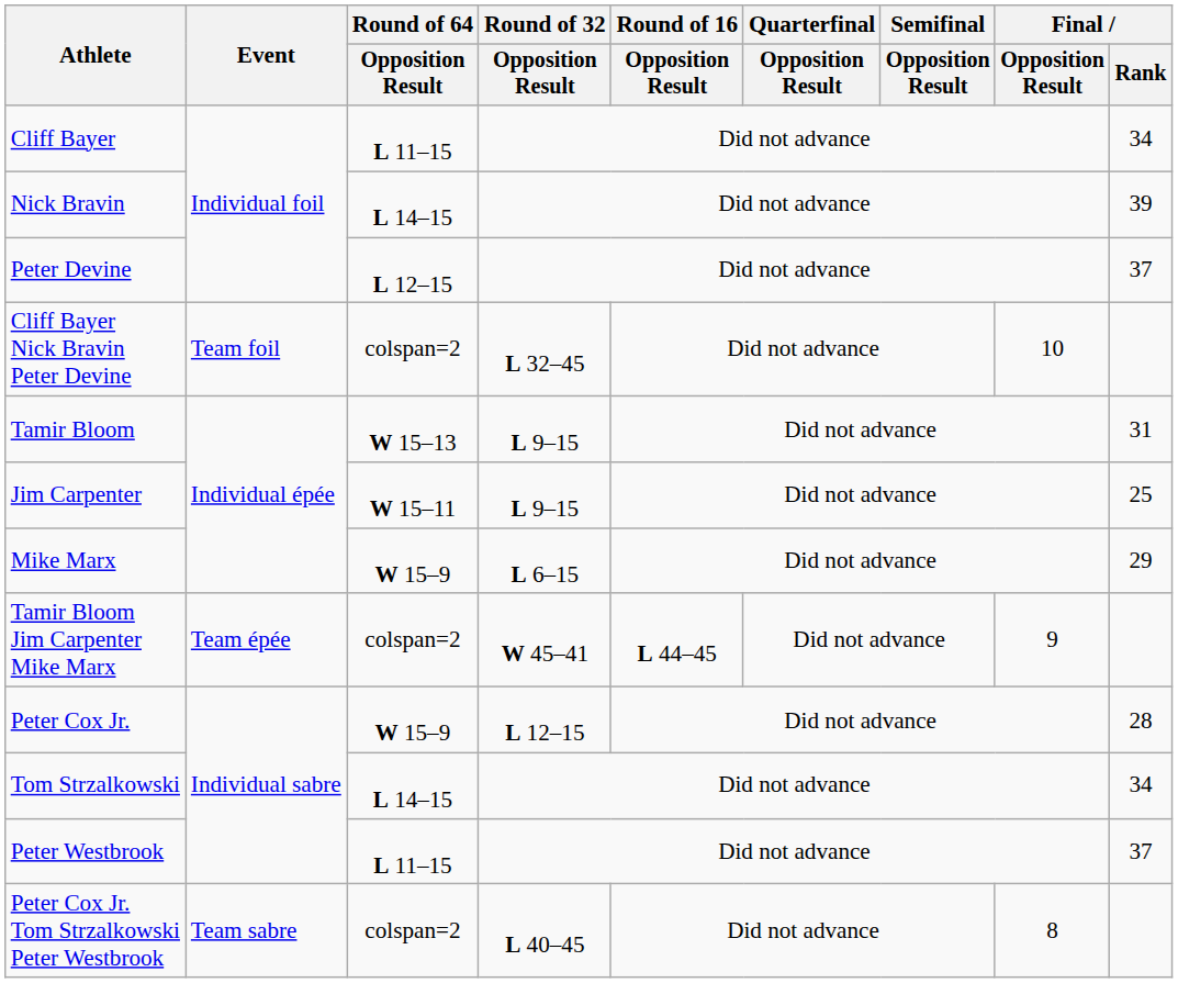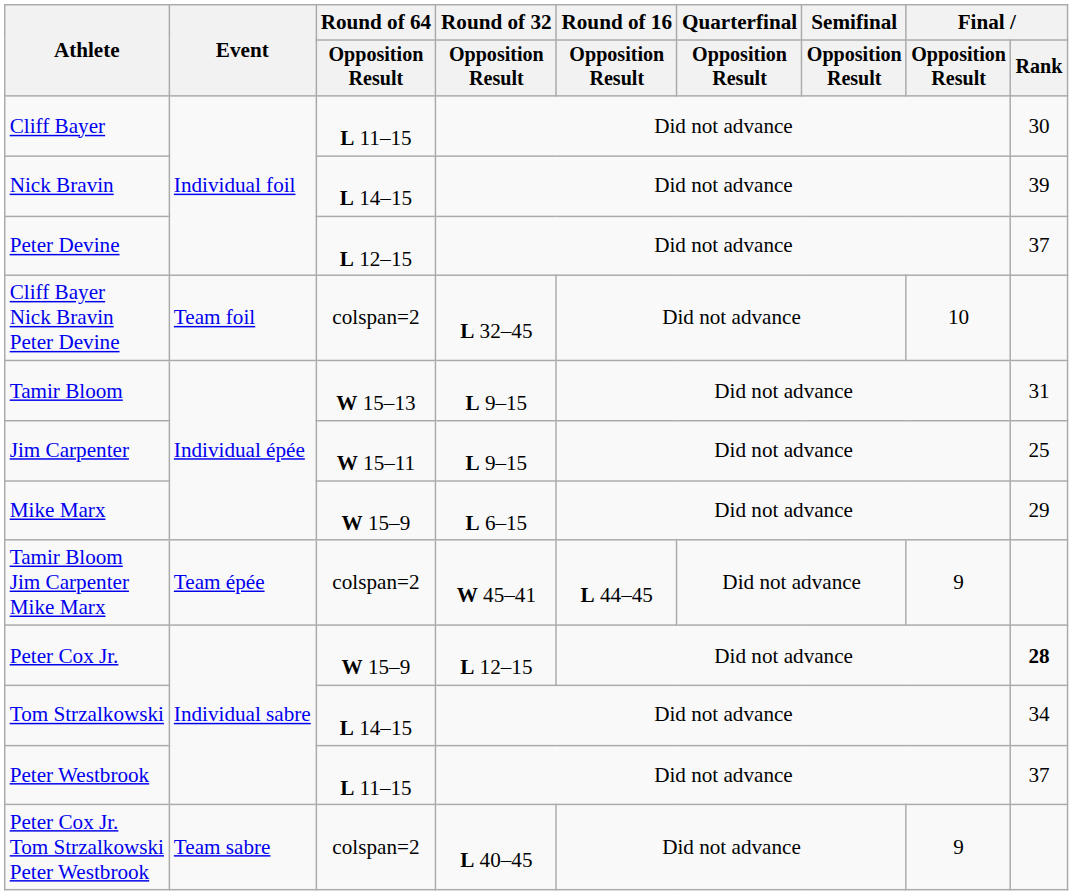 <table class=wikitable style=font-size:90%;text-align:center>
 <tr>
 <th rowspan=2>Athlete</th>
 <th rowspan=2>Event</th>
 <th>Round of 64</th>
 <th>Round of 32</th>
 <th>Round of 16</th>
 <th>Quarterfinal</th>
 <th>Semifinal</th>
 <th colspan=2>Final / </th>
 </tr>
 <tr style=font-size:95%>
 <th>Opposition<br>Result</th>
 <th>Opposition<br>Result</th>
 <th>Opposition<br>Result</th>
 <th>Opposition<br>Result</th>
 <th>Opposition<br>Result</th>
 <th>Opposition<br>Result</th>
 <th>Rank</th>
 </tr>
 <tr>
 <td align=left><a href='#'>Cliff Bayer</a></td>
 <td align=left rowspan=3><a href='#'>Individual foil</a></td>
 <td><br><strong>L</strong> 11–15</td>
 <td colspan=5>Did not advance</td>
-<td>34</td>
+<td>30</td>
 </tr>
 <tr>
 <td align=left><a href='#'>Nick Bravin</a></td>
 <td><br><strong>L</strong> 14–15</td>
 <td colspan=5>Did not advance</td>
 <td>39</td>
 </tr>
 <tr>
 <td align=left><a href='#'>Peter Devine</a></td>
 <td><br><strong>L</strong> 12–15</td>
 <td colspan=5>Did not advance</td>
 <td>37</td>
 </tr>
 <tr>
 <td align=left><a href='#'>Cliff Bayer</a><br><a href='#'>Nick Bravin</a><br><a href='#'>Peter Devine</a></td>
 <td align=left><a href='#'>Team foil</a></td>
 <td>colspan=2 </td>
 <td><br><strong>L</strong> 32–45</td>
 <td colspan=3>Did not advance</td>
 <td>10</td>
 </tr>
 <tr>
 <td align=left><a href='#'>Tamir Bloom</a></td>
 <td align=left rowspan=3><a href='#'>Individual épée</a></td>
 <td><br><strong>W</strong> 15–13</td>
 <td><br><strong>L</strong> 9–15</td>
 <td colspan=4>Did not advance</td>
 <td>31</td>
 </tr>
 <tr>
 <td align=left><a href='#'>Jim Carpenter</a></td>
 <td><br><strong>W</strong> 15–11</td>
 <td><br><strong>L</strong> 9–15</td>
 <td colspan=4>Did not advance</td>
 <td>25</td>
 </tr>
 <tr>
 <td align=left><a href='#'>Mike Marx</a></td>
 <td><br><strong>W</strong> 15–9</td>
 <td><br><strong>L</strong> 6–15</td>
 <td colspan=4>Did not advance</td>
 <td>29</td>
 </tr>
 <tr>
 <td align=left><a href='#'>Tamir Bloom</a><br><a href='#'>Jim Carpenter</a><br><a href='#'>Mike Marx</a></td>
 <td align=left><a href='#'>Team épée</a></td>
 <td>colspan=2 </td>
 <td><br><strong>W</strong> 45–41</td>
 <td><br><strong>L</strong> 44–45</td>
 <td colspan=2>Did not advance</td>
 <td>9</td>
 </tr>
 <tr>
 <td align=left><a href='#'>Peter Cox Jr.</a></td>
 <td align=left rowspan=3><a href='#'>Individual sabre</a></td>
 <td><br><strong>W</strong> 15–9</td>
 <td><br><strong>L</strong> 12–15</td>
 <td colspan=4>Did not advance</td>
-<td>28</td>
+<td><strong>28</strong></td>
 </tr>
 <tr>
 <td align=left><a href='#'>Tom Strzalkowski</a></td>
 <td><br><strong>L</strong> 14–15</td>
 <td colspan=5>Did not advance</td>
 <td>34</td>
 </tr>
 <tr>
 <td align=left><a href='#'>Peter Westbrook</a></td>
 <td><br><strong>L</strong> 11–15</td>
 <td colspan=5>Did not advance</td>
 <td>37</td>
 </tr>
 <tr>
 <td align=left><a href='#'>Peter Cox Jr.</a><br><a href='#'>Tom Strzalkowski</a><br><a href='#'>Peter Westbrook</a></td>
 <td align=left><a href='#'>Team sabre</a></td>
 <td>colspan=2 </td>
 <td><br><strong>L</strong> 40–45</td>
 <td colspan=3>Did not advance</td>
-<td>8</td>
+<td>9</td>
 </tr>
 </table>
